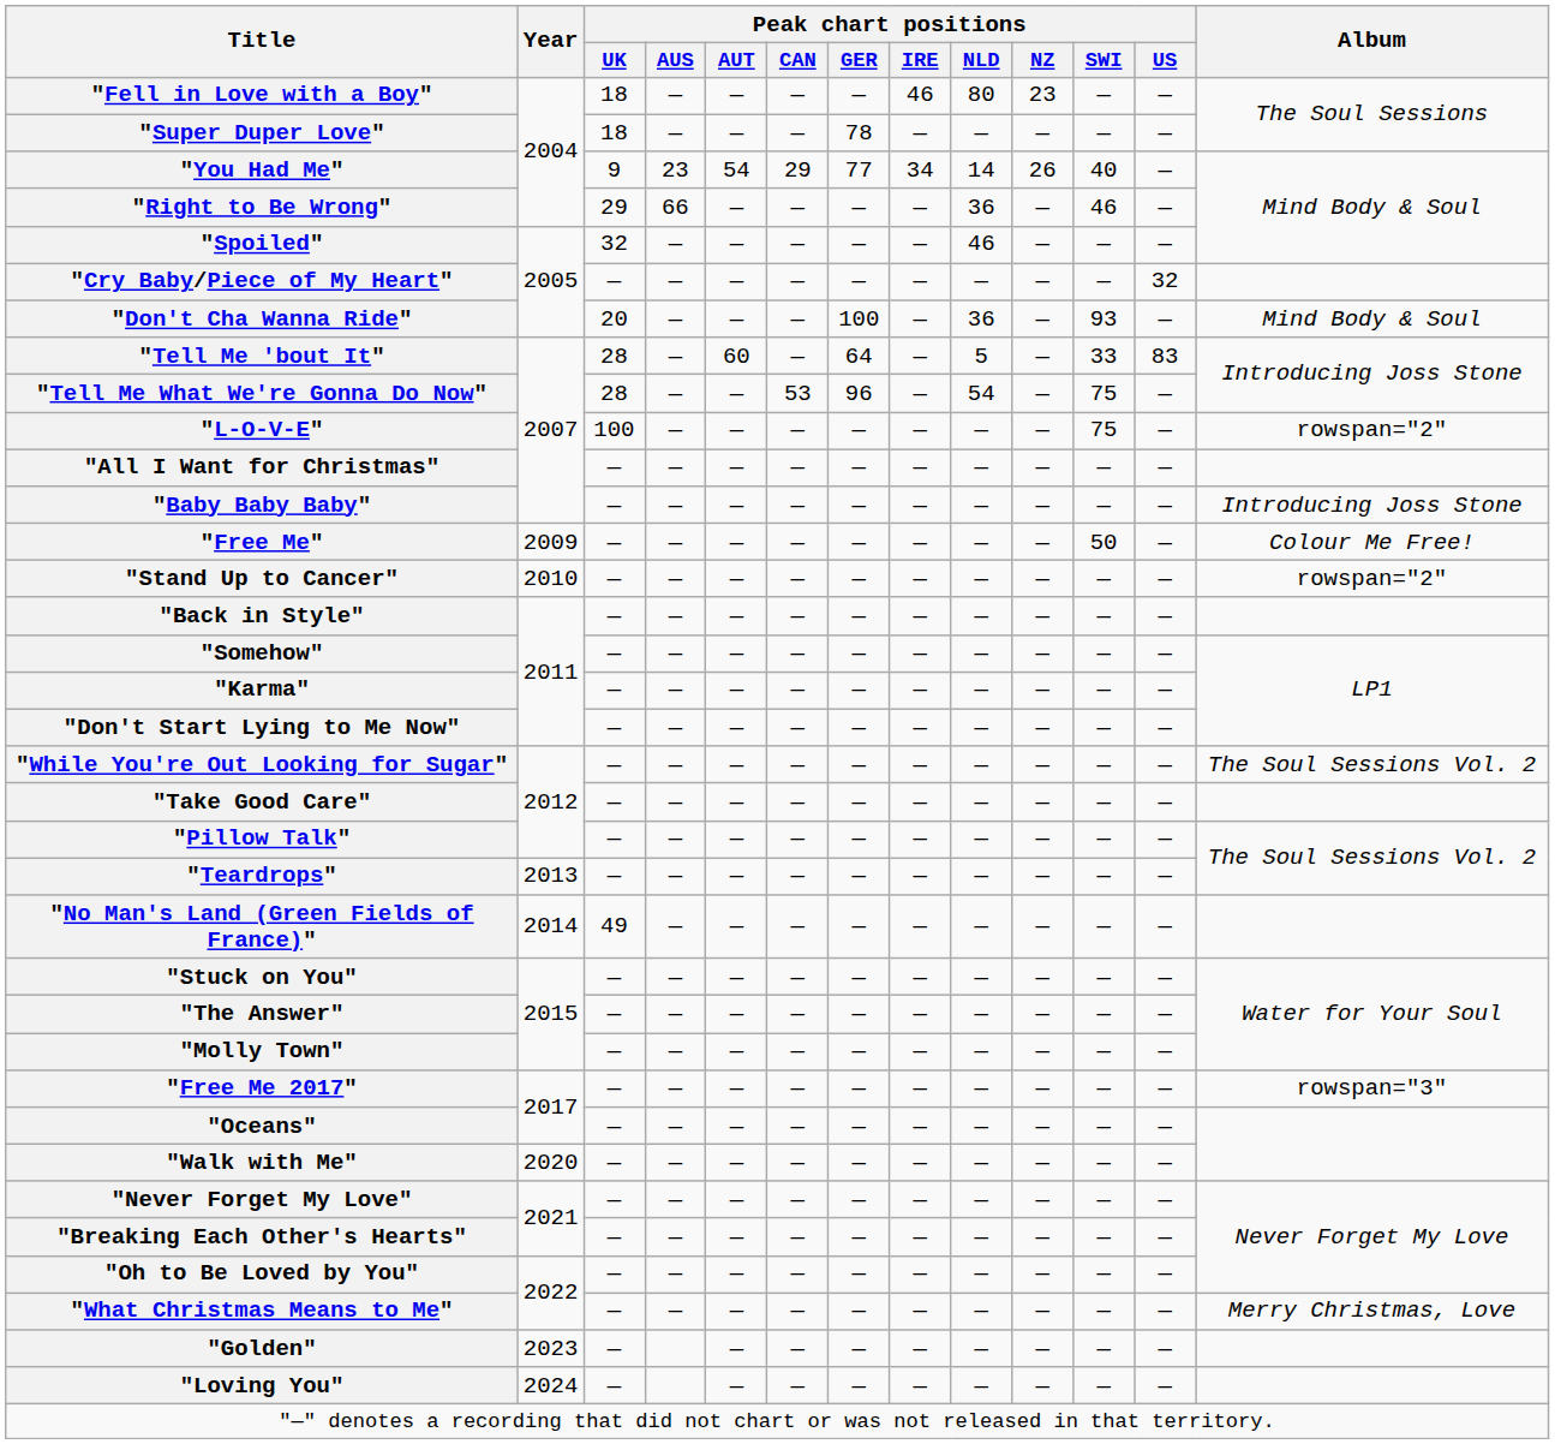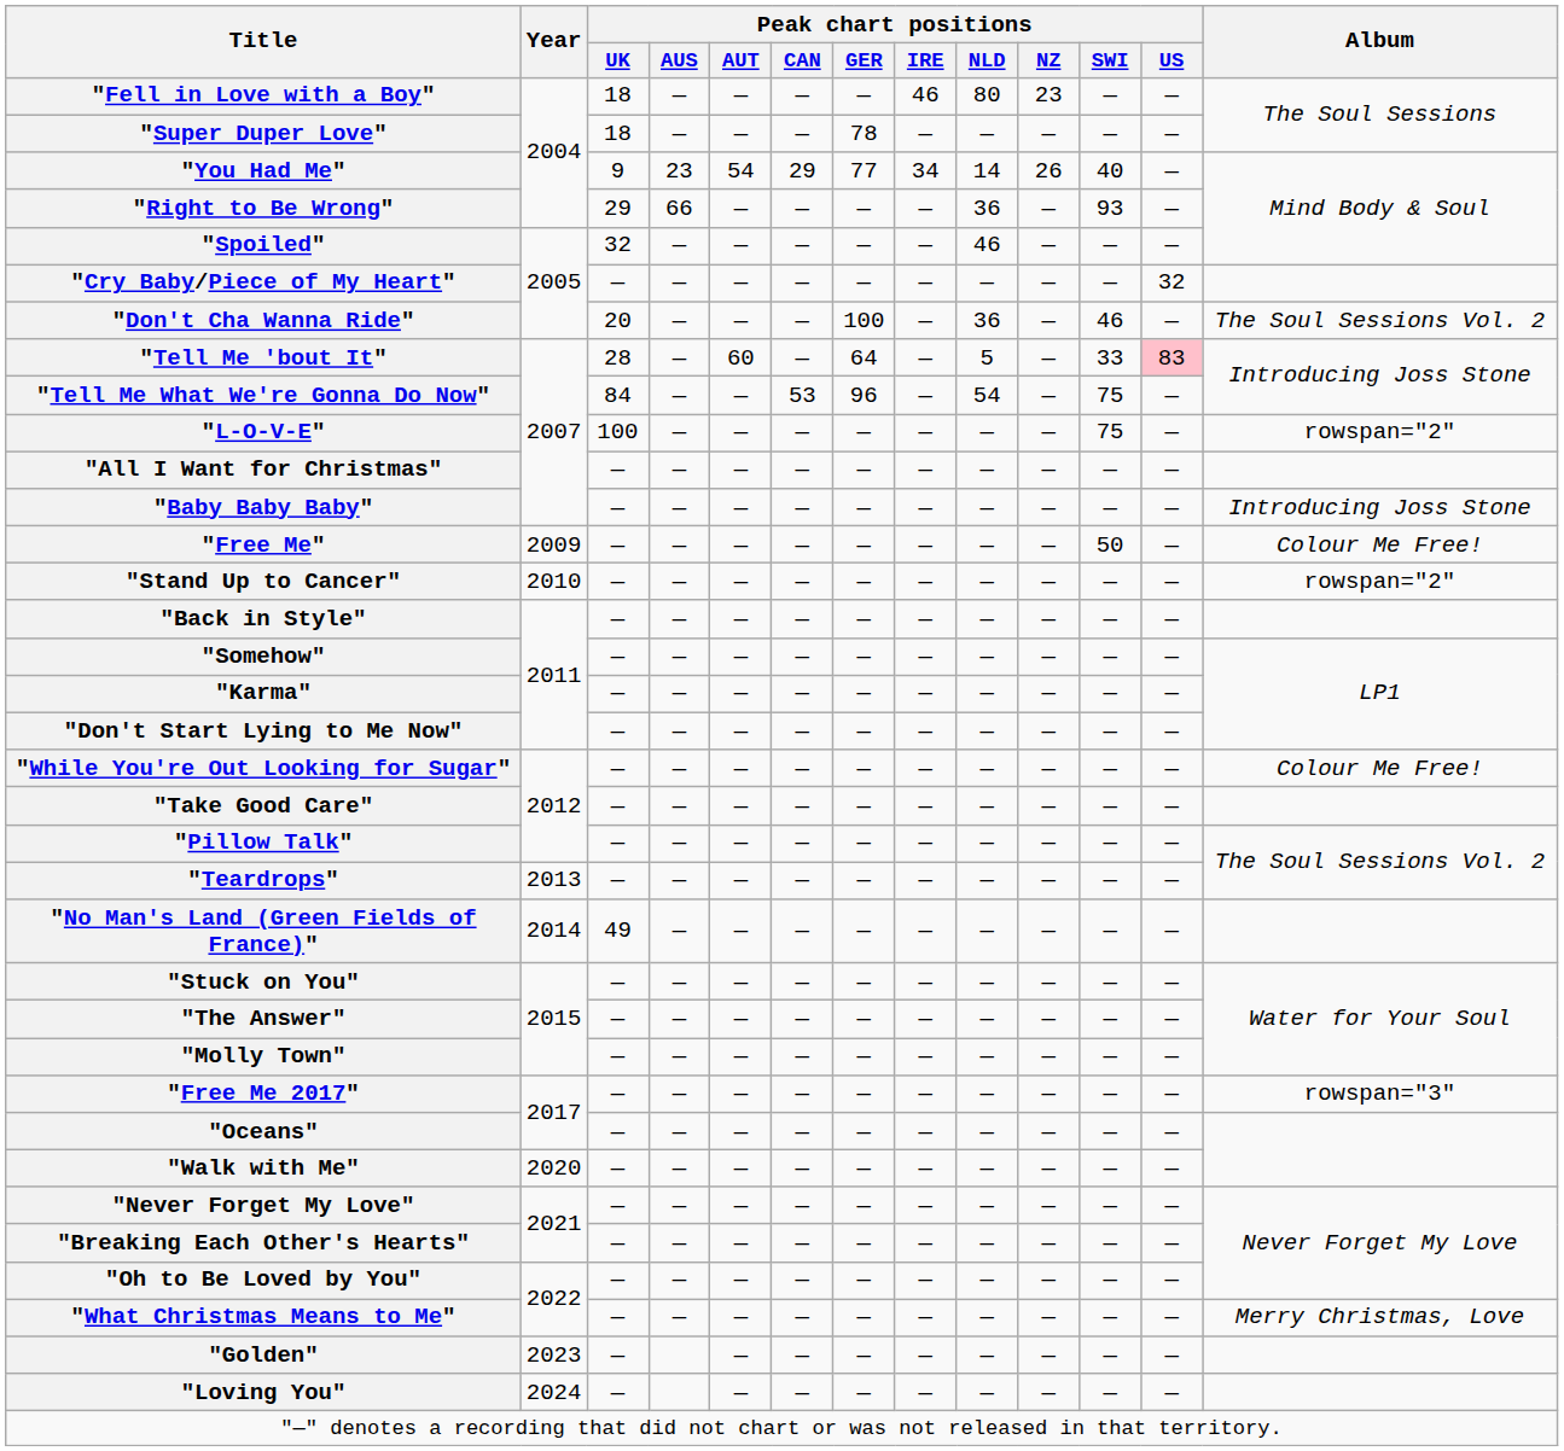 <table class="wikitable plainrowheaders" style="text-align:center;">
 <tr>
 <th scope="col" rowspan="2" style="width:22em;">Title</th>
 <th scope="col" rowspan="2" style="width:1em;">Year</th>
 <th scope="col" colspan="10">Peak chart positions</th>
 <th scope="col" rowspan="2" style="width:15em;">Album</th>
 </tr>
 <tr>
 <th scope="col" style="width:2.5em;font-size:90%;"><a href='#'>UK</a><br></th>
 <th scope="col" style="width:2.5em;font-size:90%;"><a href='#'>AUS</a><br></th>
 <th scope="col" style="width:2.5em;font-size:90%;"><a href='#'>AUT</a><br></th>
 <th scope="col" style="width:2.5em;font-size:90%;"><a href='#'>CAN</a><br></th>
 <th scope="col" style="width:2.5em;font-size:90%;"><a href='#'>GER</a><br></th>
 <th scope="col" style="width:2.5em;font-size:90%;"><a href='#'>IRE</a><br></th>
 <th scope="col" style="width:2.5em;font-size:90%;"><a href='#'>NLD</a><br></th>
 <th scope="col" style="width:2.5em;font-size:90%;"><a href='#'>NZ</a><br></th>
 <th scope="col" style="width:2.5em;font-size:90%;"><a href='#'>SWI</a><br></th>
 <th scope="col" style="width:2.5em;font-size:90%;"><a href='#'>US</a><br></th>
 </tr>
 <tr>
 <th scope="row">"<a href='#'>Fell in Love with a Boy</a>"</th>
 <td rowspan="4">2004</td>
 <td>18</td>
 <td>—</td>
 <td>—</td>
 <td>—</td>
 <td>—</td>
 <td>46</td>
 <td>80</td>
 <td>23</td>
 <td>—</td>
 <td>—</td>
 <td rowspan="2"><em>The Soul Sessions</em></td>
 </tr>
 <tr>
 <th scope="row">"<a href='#'>Super Duper Love</a>"</th>
 <td>18</td>
 <td>—</td>
 <td>—</td>
 <td>—</td>
 <td>78</td>
 <td>—</td>
 <td>—</td>
 <td>—</td>
 <td>—</td>
 <td>—</td>
 </tr>
 <tr>
 <th scope="row">"<a href='#'>You Had Me</a>"</th>
 <td>9</td>
 <td>23</td>
 <td>54</td>
 <td>29</td>
 <td>77</td>
 <td>34</td>
 <td>14</td>
 <td>26</td>
 <td>40</td>
 <td>—</td>
 <td rowspan="3"><em>Mind Body & Soul</em></td>
 </tr>
 <tr>
 <th scope="row">"<a href='#'>Right to Be Wrong</a>"</th>
 <td>29</td>
 <td>66</td>
 <td>—</td>
 <td>—</td>
 <td>—</td>
 <td>—</td>
 <td>36</td>
 <td>—</td>
-<td>46</td>
+<td>93</td>
 <td>—</td>
 </tr>
 <tr>
 <th scope="row">"<a href='#'>Spoiled</a>"</th>
 <td rowspan="3">2005</td>
 <td>32</td>
 <td>—</td>
 <td>—</td>
 <td>—</td>
 <td>—</td>
 <td>—</td>
 <td>46</td>
 <td>—</td>
 <td>—</td>
 <td>—</td>
 </tr>
 <tr>
 <th scope="row">"<a href='#'>Cry Baby</a>/<a href='#'>Piece of My Heart</a>"<br></th>
 <td>—</td>
 <td>—</td>
 <td>—</td>
 <td>—</td>
 <td>—</td>
 <td>—</td>
 <td>—</td>
 <td>—</td>
 <td>—</td>
 <td>32</td>
 <td></td>
 </tr>
 <tr>
 <th scope="row">"<a href='#'>Don't Cha Wanna Ride</a>"</th>
 <td>20</td>
 <td>—</td>
 <td>—</td>
 <td>—</td>
 <td>100</td>
 <td>—</td>
 <td>36</td>
 <td>—</td>
-<td>93</td>
+<td>46</td>
 <td>—</td>
-<td><em>Mind Body & Soul</em></td>
+<td><em>The Soul Sessions Vol. 2</em></td>
 </tr>
 <tr>
 <th scope="row">"<a href='#'>Tell Me 'bout It</a>"</th>
 <td rowspan="5">2007</td>
 <td>28</td>
 <td>—</td>
 <td>60</td>
 <td>—</td>
 <td>64</td>
 <td>—</td>
 <td>5</td>
 <td>—</td>
 <td>33</td>
-<td>83</td>
+<td style="background: pink;">83</td>
 <td rowspan="2"><em>Introducing Joss Stone</em></td>
 </tr>
 <tr>
 <th scope="row">"<a href='#'>Tell Me What We're Gonna Do Now</a>"<br></th>
-<td>28</td>
+<td>84</td>
 <td>—</td>
 <td>—</td>
 <td>53</td>
 <td>96</td>
 <td>—</td>
 <td>54</td>
 <td>—</td>
 <td>75</td>
 <td>—</td>
 </tr>
 <tr>
 <th scope="row">"<a href='#'>L-O-V-E</a>"</th>
 <td>100</td>
 <td>—</td>
 <td>—</td>
 <td>—</td>
 <td>—</td>
 <td>—</td>
 <td>—</td>
 <td>—</td>
 <td>75</td>
 <td>—</td>
 <td>rowspan="2" </td>
 </tr>
 <tr>
 <th scope="row">"All I Want for Christmas"</th>
 <td>—</td>
 <td>—</td>
 <td>—</td>
 <td>—</td>
 <td>—</td>
 <td>—</td>
 <td>—</td>
 <td>—</td>
 <td>—</td>
 <td>—</td>
 </tr>
 <tr>
 <th scope="row">"<a href='#'>Baby Baby Baby</a>"</th>
 <td>—</td>
 <td>—</td>
 <td>—</td>
 <td>—</td>
 <td>—</td>
 <td>—</td>
 <td>—</td>
 <td>—</td>
 <td>—</td>
 <td>—</td>
 <td><em>Introducing Joss Stone</em></td>
 </tr>
 <tr>
 <th scope="row">"<a href='#'>Free Me</a>"</th>
 <td>2009</td>
 <td>—</td>
 <td>—</td>
 <td>—</td>
 <td>—</td>
 <td>—</td>
 <td>—</td>
 <td>—</td>
 <td>—</td>
 <td>50</td>
 <td>—</td>
 <td><em>Colour Me Free!</em></td>
 </tr>
 <tr>
 <th scope="row">"Stand Up to Cancer"<br></th>
 <td>2010</td>
 <td>—</td>
 <td>—</td>
 <td>—</td>
 <td>—</td>
 <td>—</td>
 <td>—</td>
 <td>—</td>
 <td>—</td>
 <td>—</td>
 <td>—</td>
 <td>rowspan="2" </td>
 </tr>
 <tr>
 <th scope="row">"Back in Style"</th>
 <td rowspan="4">2011</td>
 <td>—</td>
 <td>—</td>
 <td>—</td>
 <td>—</td>
 <td>—</td>
 <td>—</td>
 <td>—</td>
 <td>—</td>
 <td>—</td>
 <td>—</td>
 </tr>
 <tr>
 <th scope="row">"Somehow"</th>
 <td>—</td>
 <td>—</td>
 <td>—</td>
 <td>—</td>
 <td>—</td>
 <td>—</td>
 <td>—</td>
 <td>—</td>
 <td>—</td>
 <td>—</td>
 <td rowspan="3"><em>LP1</em></td>
 </tr>
 <tr>
 <th scope="row">"Karma"</th>
 <td>—</td>
 <td>—</td>
 <td>—</td>
 <td>—</td>
 <td>—</td>
 <td>—</td>
 <td>—</td>
 <td>—</td>
 <td>—</td>
 <td>—</td>
 </tr>
 <tr>
 <th scope="row">"Don't Start Lying to Me Now"</th>
 <td>—</td>
 <td>—</td>
 <td>—</td>
 <td>—</td>
 <td>—</td>
 <td>—</td>
 <td>—</td>
 <td>—</td>
 <td>—</td>
 <td>—</td>
 </tr>
 <tr>
 <th scope="row">"<a href='#'>While You're Out Looking for Sugar</a>"</th>
 <td rowspan="3">2012</td>
 <td>—</td>
 <td>—</td>
 <td>—</td>
 <td>—</td>
 <td>—</td>
 <td>—</td>
 <td>—</td>
 <td>—</td>
 <td>—</td>
 <td>—</td>
-<td><em>The Soul Sessions Vol. 2</em></td>
+<td><em>Colour Me Free!</em></td>
 </tr>
 <tr>
 <th scope="row">"Take Good Care"<br></th>
 <td>—</td>
 <td>—</td>
 <td>—</td>
 <td>—</td>
 <td>—</td>
 <td>—</td>
 <td>—</td>
 <td>—</td>
 <td>—</td>
 <td>—</td>
 <td></td>
 </tr>
 <tr>
 <th scope="row">"<a href='#'>Pillow Talk</a>"</th>
 <td>—</td>
 <td>—</td>
 <td>—</td>
 <td>—</td>
 <td>—</td>
 <td>—</td>
 <td>—</td>
 <td>—</td>
 <td>—</td>
 <td>—</td>
 <td rowspan="2"><em>The Soul Sessions Vol. 2</em></td>
 </tr>
 <tr>
 <th scope="row">"<a href='#'>Teardrops</a>"</th>
 <td>2013</td>
 <td>—</td>
 <td>—</td>
 <td>—</td>
 <td>—</td>
 <td>—</td>
 <td>—</td>
 <td>—</td>
 <td>—</td>
 <td>—</td>
 <td>—</td>
 </tr>
 <tr>
 <th scope="row">"<a href='#'>No Man's Land (Green Fields of France)</a>"<br></th>
 <td>2014</td>
 <td>49</td>
 <td>—</td>
 <td>—</td>
 <td>—</td>
 <td>—</td>
 <td>—</td>
 <td>—</td>
 <td>—</td>
 <td>—</td>
 <td>—</td>
 <td></td>
 </tr>
 <tr>
 <th scope="row">"Stuck on You"</th>
 <td rowspan="3">2015</td>
 <td>—</td>
 <td>—</td>
 <td>—</td>
 <td>—</td>
 <td>—</td>
 <td>—</td>
 <td>—</td>
 <td>—</td>
 <td>—</td>
 <td>—</td>
 <td rowspan="3"><em>Water for Your Soul</em></td>
 </tr>
 <tr>
 <th scope="row">"The Answer"</th>
 <td>—</td>
 <td>—</td>
 <td>—</td>
 <td>—</td>
 <td>—</td>
 <td>—</td>
 <td>—</td>
 <td>—</td>
 <td>—</td>
 <td>—</td>
 </tr>
 <tr>
 <th scope="row">"Molly Town"</th>
 <td>—</td>
 <td>—</td>
 <td>—</td>
 <td>—</td>
 <td>—</td>
 <td>—</td>
 <td>—</td>
 <td>—</td>
 <td>—</td>
 <td>—</td>
 </tr>
 <tr>
 <th scope="row">"<a href='#'>Free Me 2017</a>"</th>
 <td rowspan="2">2017</td>
 <td>—</td>
 <td>—</td>
 <td>—</td>
 <td>—</td>
 <td>—</td>
 <td>—</td>
 <td>—</td>
 <td>—</td>
 <td>—</td>
 <td>—</td>
 <td>rowspan="3" </td>
 </tr>
 <tr>
 <th scope="row">"Oceans"</th>
 <td>—</td>
 <td>—</td>
 <td>—</td>
 <td>—</td>
 <td>—</td>
 <td>—</td>
 <td>—</td>
 <td>—</td>
 <td>—</td>
 <td>—</td>
 </tr>
 <tr>
 <th scope="row">"Walk with Me"</th>
 <td>2020</td>
 <td>—</td>
 <td>—</td>
 <td>—</td>
 <td>—</td>
 <td>—</td>
 <td>—</td>
 <td>—</td>
 <td>—</td>
 <td>—</td>
 <td>—</td>
 </tr>
 <tr>
 <th scope="row">"Never Forget My Love"</th>
 <td rowspan="2">2021</td>
 <td>—</td>
 <td>—</td>
 <td>—</td>
 <td>—</td>
 <td>—</td>
 <td>—</td>
 <td>—</td>
 <td>—</td>
 <td>—</td>
 <td>—</td>
 <td rowspan="3"><em>Never Forget My Love</em></td>
 </tr>
 <tr>
 <th scope="row">"Breaking Each Other's Hearts"</th>
 <td>—</td>
 <td>—</td>
 <td>—</td>
 <td>—</td>
 <td>—</td>
 <td>—</td>
 <td>—</td>
 <td>—</td>
 <td>—</td>
 <td>—</td>
 </tr>
 <tr>
 <th scope="row">"Oh to Be Loved by You"</th>
 <td rowspan="2">2022</td>
 <td>—</td>
 <td>—</td>
 <td>—</td>
 <td>—</td>
 <td>—</td>
 <td>—</td>
 <td>—</td>
 <td>—</td>
 <td>—</td>
 <td>—</td>
 </tr>
 <tr>
 <th scope="row">"<a href='#'>What Christmas Means to Me</a>"</th>
 <td>—</td>
 <td>—</td>
 <td>—</td>
 <td>—</td>
 <td>—</td>
 <td>—</td>
 <td>—</td>
 <td>—</td>
 <td>—</td>
 <td>—</td>
 <td><em>Merry Christmas, Love</em></td>
 </tr>
 <tr>
 <th scope="row">"Golden" <br></th>
 <td>2023</td>
 <td>—</td>
 <td></td>
 <td>—</td>
 <td>—</td>
 <td>—</td>
 <td>—</td>
 <td>—</td>
 <td>—</td>
 <td>—</td>
 <td>—</td>
 <td></td>
 </tr>
 <tr>
 <th scope="row">"Loving You"</th>
 <td>2024</td>
 <td>—</td>
 <td></td>
 <td>—</td>
 <td>—</td>
 <td>—</td>
 <td>—</td>
 <td>—</td>
 <td>—</td>
 <td>—</td>
 <td>—</td>
 <td></td>
 </tr>
 <tr>
 <td colspan="13" style="font-size:90%">"—" denotes a recording that did not chart or was not released in that territory.</td>
 </tr>
 </table>
